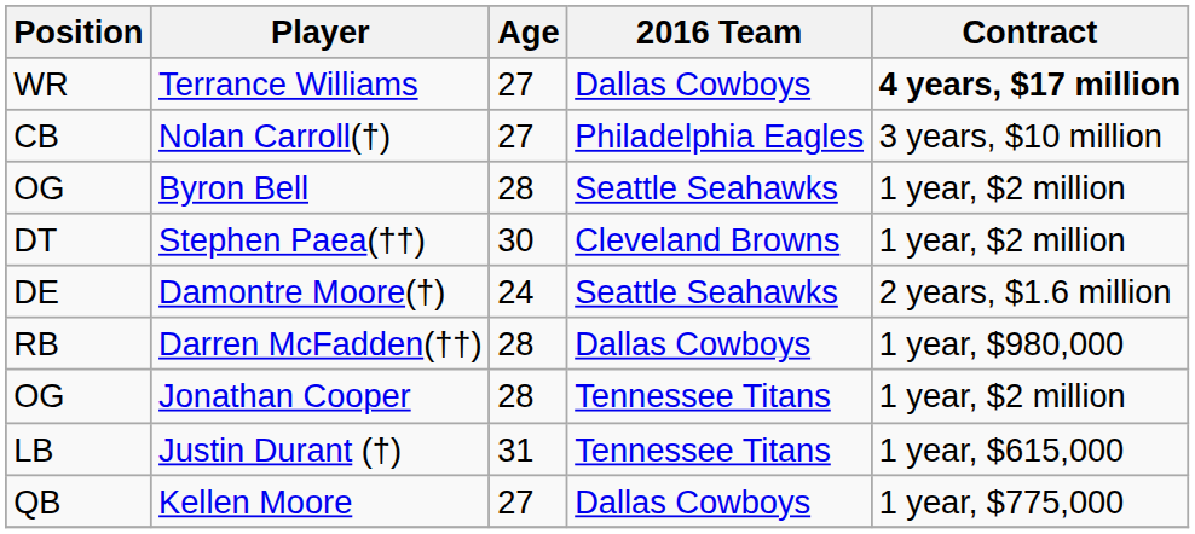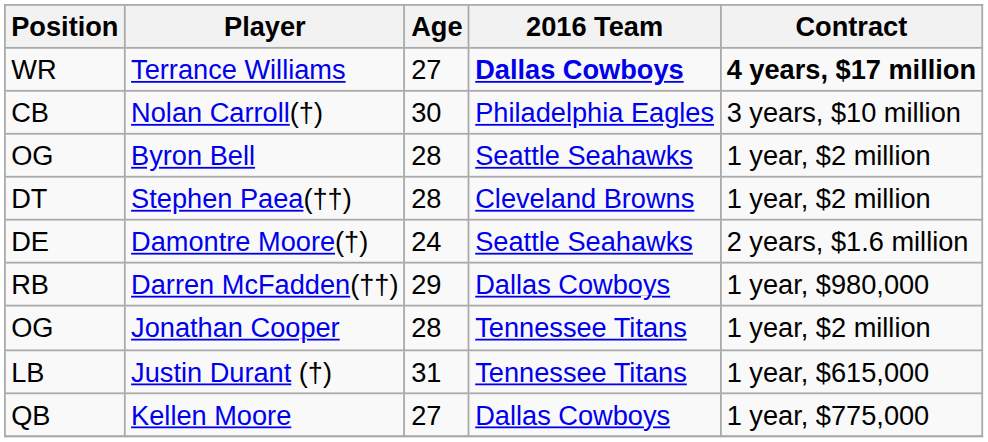 <table class="wikitable" style="font-size: 95%; text-align: left">
 <tr>
 <th>Position</th>
 <th>Player</th>
 <th>Age</th>
 <th>2016 Team</th>
 <th>Contract</th>
 </tr>
 <tr>
 <td>WR</td>
 <td><a href='#'>Terrance Williams</a></td>
 <td>27</td>
-<td><a href='#'>Dallas Cowboys</a></td>
+<td><strong><a href='#'>Dallas Cowboys</a></strong></td>
 <td><strong>4 years, $17 million</strong></td>
 </tr>
 <tr>
 <td>CB</td>
 <td><a href='#'>Nolan Carroll</a>(†)</td>
-<td>27</td>
+<td>30</td>
 <td><a href='#'>Philadelphia Eagles</a></td>
 <td>3 years, $10 million</td>
 </tr>
 <tr>
 <td>OG</td>
 <td><a href='#'>Byron Bell</a></td>
 <td>28</td>
 <td><a href='#'>Seattle Seahawks</a></td>
 <td>1 year, $2 million</td>
 </tr>
 <tr>
 <td>DT</td>
 <td><a href='#'>Stephen Paea</a>(††)</td>
-<td>30</td>
+<td>28</td>
 <td><a href='#'>Cleveland Browns</a></td>
 <td>1 year, $2 million</td>
 </tr>
 <tr>
 <td>DE</td>
 <td><a href='#'>Damontre Moore</a>(†)</td>
 <td>24</td>
 <td><a href='#'>Seattle Seahawks</a></td>
 <td>2 years, $1.6 million</td>
 </tr>
 <tr>
 <td>RB</td>
 <td><a href='#'>Darren McFadden</a>(††)</td>
-<td>28</td>
+<td>29</td>
 <td><a href='#'>Dallas Cowboys</a></td>
 <td>1 year, $980,000</td>
 </tr>
 <tr>
 <td>OG</td>
 <td><a href='#'>Jonathan Cooper</a></td>
 <td>28</td>
 <td><a href='#'>Tennessee Titans</a></td>
 <td>1 year, $2 million</td>
 </tr>
 <tr>
 <td>LB</td>
 <td><a href='#'>Justin Durant</a> (†)</td>
 <td>31</td>
 <td><a href='#'>Tennessee Titans</a></td>
 <td>1 year, $615,000</td>
 </tr>
 <tr>
 <td>QB</td>
 <td><a href='#'>Kellen Moore</a></td>
 <td>27</td>
 <td><a href='#'>Dallas Cowboys</a></td>
 <td>1 year, $775,000</td>
 </tr>
 <tr>
 </tr>
 </table>
